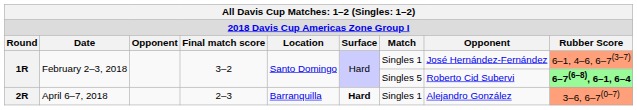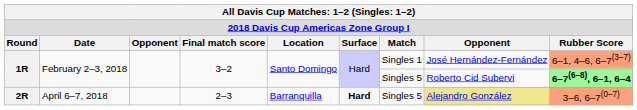 <table class="wikitable style="font-size:97%">
 <tr>
 <th colspan="9" style="width:555px;"><strong>All Davis Cup Matches: 1–2 (Singles: 1–2)</strong></th>
 </tr>
 <tr style="background:Gainsboro; text-align:center;">
 <td colspan=9><strong><a href='#'>2018 Davis Cup Americas Zone Group I</a></strong></td>
 </tr>
 <tr>
 <th>Round</th>
 <th>Date</th>
 <th>Opponent</th>
 <th>Final match score</th>
 <th>Location</th>
 <th>Surface</th>
 <th>Match</th>
 <th>Opponent</th>
 <th>Rubber Score</th>
 </tr>
 <tr>
 <th rowspan=2>1R</th>
 <td rowspan=2>February 2–3, 2018</td>
 <td rowspan=2></td>
 <td rowspan=2 style="text-align:center;">3–2</td>
 <td rowspan=2><a href='#'>Santo Domingo</a></td>
 <td rowspan=2 style="text-align:center; background:#ccf;">Hard</td>
 <td>Singles 1</td>
 <td><a href='#'>José Hernández-Fernández</a></td>
 <td style="text-align:center; background:#FFA07A;">6–1, 4–6, 6–7<sup>(3–7)</sup></td>
 </tr>
 <tr>
 <td>Singles 5</td>
 <td><a href='#'>Roberto Cid Subervi</a></td>
 <td style="text-align:center; background:#98FB98;"><strong>6–7<sup>(6–8)</sup>, 6–1, 6–4</strong></td>
 </tr>
 <tr>
 <th>2R</th>
 <td>April 6–7, 2018</td>
 <td></td>
 <td style="text-align:center;">2–3</td>
 <td><a href='#'>Barranquilla</a></td>
 <td style="text-align:center;" background:#ccf;><strong>Hard</strong></td>
-<td>Singles 1</td>
-<td><a href='#'>Alejandro González</a></td>
+<td>Singles 5</td>
+<td style="background: khaki;"><a href='#'>Alejandro González</a></td>
 <td style="text-align:center; background:#FFA07A;">3–6, 6–7<sup>(0–7)</sup></td>
 </tr>
 </table>
